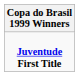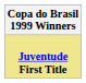 <table class="wikitable" style="text-align: center; margin: 0 auto;">
 <tr>
 <th>Copa do Brasil<br>1999 Winners</th>
 </tr>
 <tr>
-<td><br><strong><a href='#'>Juventude</a></strong><br><strong>First Title</strong></td>
+<td style="background: khaki;"><br><strong><a href='#'>Juventude</a></strong><br><strong>First Title</strong></td>
 </tr>
 </table>
